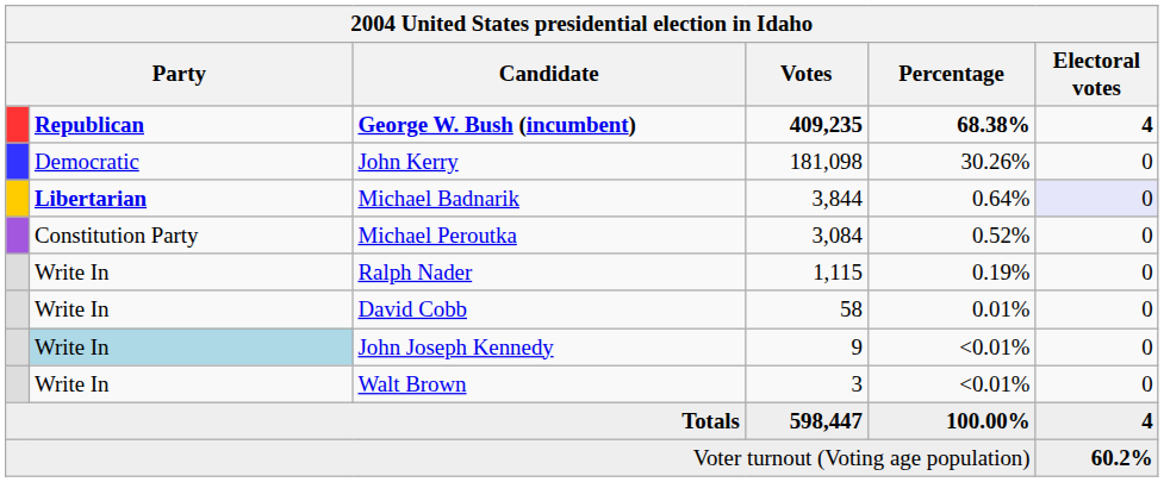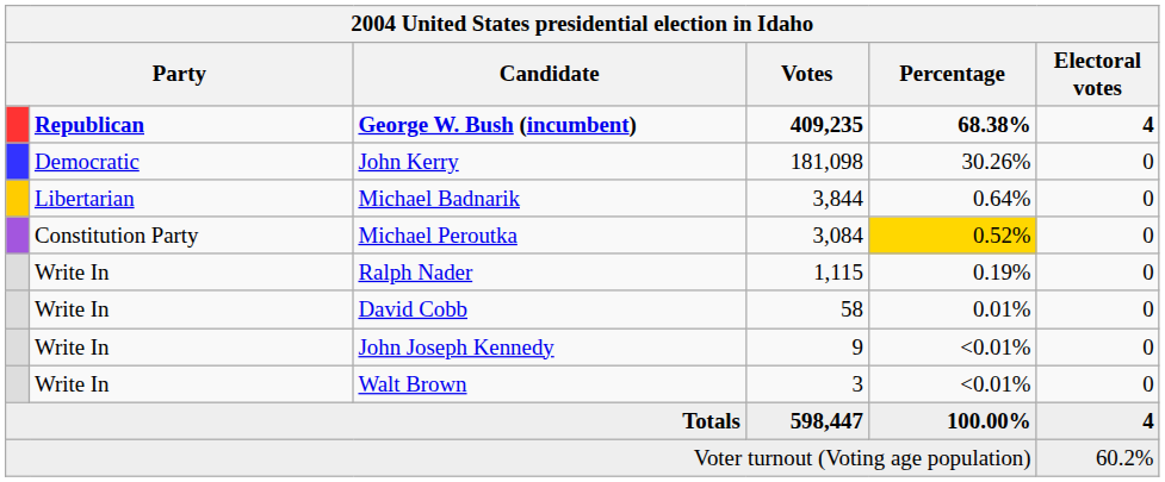 <table class="wikitable" style="font-size: 95%;">
 <tr>
 <th colspan="6">2004 United States presidential election in Idaho</th>
 </tr>
 <tr>
 <th colspan="2" style="width: 15em">Party</th>
 <th style="width: 17em">Candidate</th>
 <th style="width: 5em">Votes</th>
 <th style="width: 7em">Percentage</th>
 <th style="width: 5em">Electoral votes</th>
 </tr>
 <tr>
 <th style="background:#f33; width:3px;"></th>
 <td style="width: 130px"><strong><a href='#'>Republican</a></strong></td>
 <td><strong><a href='#'>George W. Bush</a> (<a href='#'>incumbent</a>)</strong></td>
 <td style="text-align:right;"><strong>409,235</strong></td>
 <td style="text-align:right;"><strong>68.38%</strong></td>
 <td style="text-align:right;"><strong>4</strong></td>
 </tr>
 <tr>
 <th style="background:#33f; width:3px;"></th>
 <td style="width: 130px"><a href='#'>Democratic</a></td>
 <td><a href='#'>John Kerry</a></td>
 <td style="text-align:right;">181,098</td>
 <td style="text-align:right;">30.26%</td>
 <td style="text-align:right;">0</td>
 </tr>
 <tr>
 <th style="background:#fc0; width:3px;"></th>
-<td style="width: 130px"><strong><a href='#'>Libertarian</a></strong></td>
+<td style="width: 130px"><a href='#'>Libertarian</a></td>
 <td><a href='#'>Michael Badnarik</a></td>
 <td style="text-align:right;">3,844</td>
 <td style="text-align:right;">0.64%</td>
-<td style="background: lavender; text-align:right;">0</td>
+<td style="text-align:right;">0</td>
 </tr>
 <tr>
 <th style="background:#A356DE; width:3px;"></th>
 <td style="width: 130px">Constitution Party</td>
 <td><a href='#'>Michael Peroutka</a></td>
 <td style="text-align:right;">3,084</td>
-<td style="text-align:right;">0.52%</td>
+<td style="background: gold; text-align:right;">0.52%</td>
 <td style="text-align:right;">0</td>
 </tr>
 <tr>
 <th style="background:#ddd; width:3px;"></th>
 <td style="width: 130px">Write In</td>
 <td><a href='#'>Ralph Nader</a></td>
 <td style="text-align:right;">1,115</td>
 <td style="text-align:right;">0.19%</td>
 <td style="text-align:right;">0</td>
 </tr>
 <tr>
 <th style="background:#ddd; width:3px;"></th>
 <td style="width: 130px">Write In</td>
 <td><a href='#'>David Cobb</a></td>
 <td style="text-align:right;">58</td>
 <td style="text-align:right;">0.01%</td>
 <td style="text-align:right;">0</td>
 </tr>
 <tr>
 <th style="background:#ddd; width:3px;"></th>
-<td style="background: lightblue; width: 130px">Write In</td>
+<td style="width: 130px">Write In</td>
 <td><a href='#'>John Joseph Kennedy</a></td>
 <td style="text-align:right;">9</td>
 <td style="text-align:right;"><0.01%</td>
 <td style="text-align:right;">0</td>
 </tr>
 <tr>
 <th style="background:#ddd; width:3px;"></th>
 <td style="width: 130px">Write In</td>
 <td><a href='#'>Walt Brown</a></td>
 <td style="text-align:right;">3</td>
 <td style="text-align:right;"><0.01%</td>
 <td style="text-align:right;">0</td>
 </tr>
 <tr style="background:#eee; text-align:right;">
 <td colspan="3"><strong>Totals</strong></td>
 <td><strong>598,447</strong></td>
 <td><strong>100.00%</strong></td>
 <td><strong>4</strong></td>
 </tr>
 <tr style="background:#eee; text-align:right;">
 <td colspan="5">Voter turnout (Voting age population)</td>
-<td><strong>60.2%</strong></td>
+<td>60.2%</td>
 </tr>
 </table>
